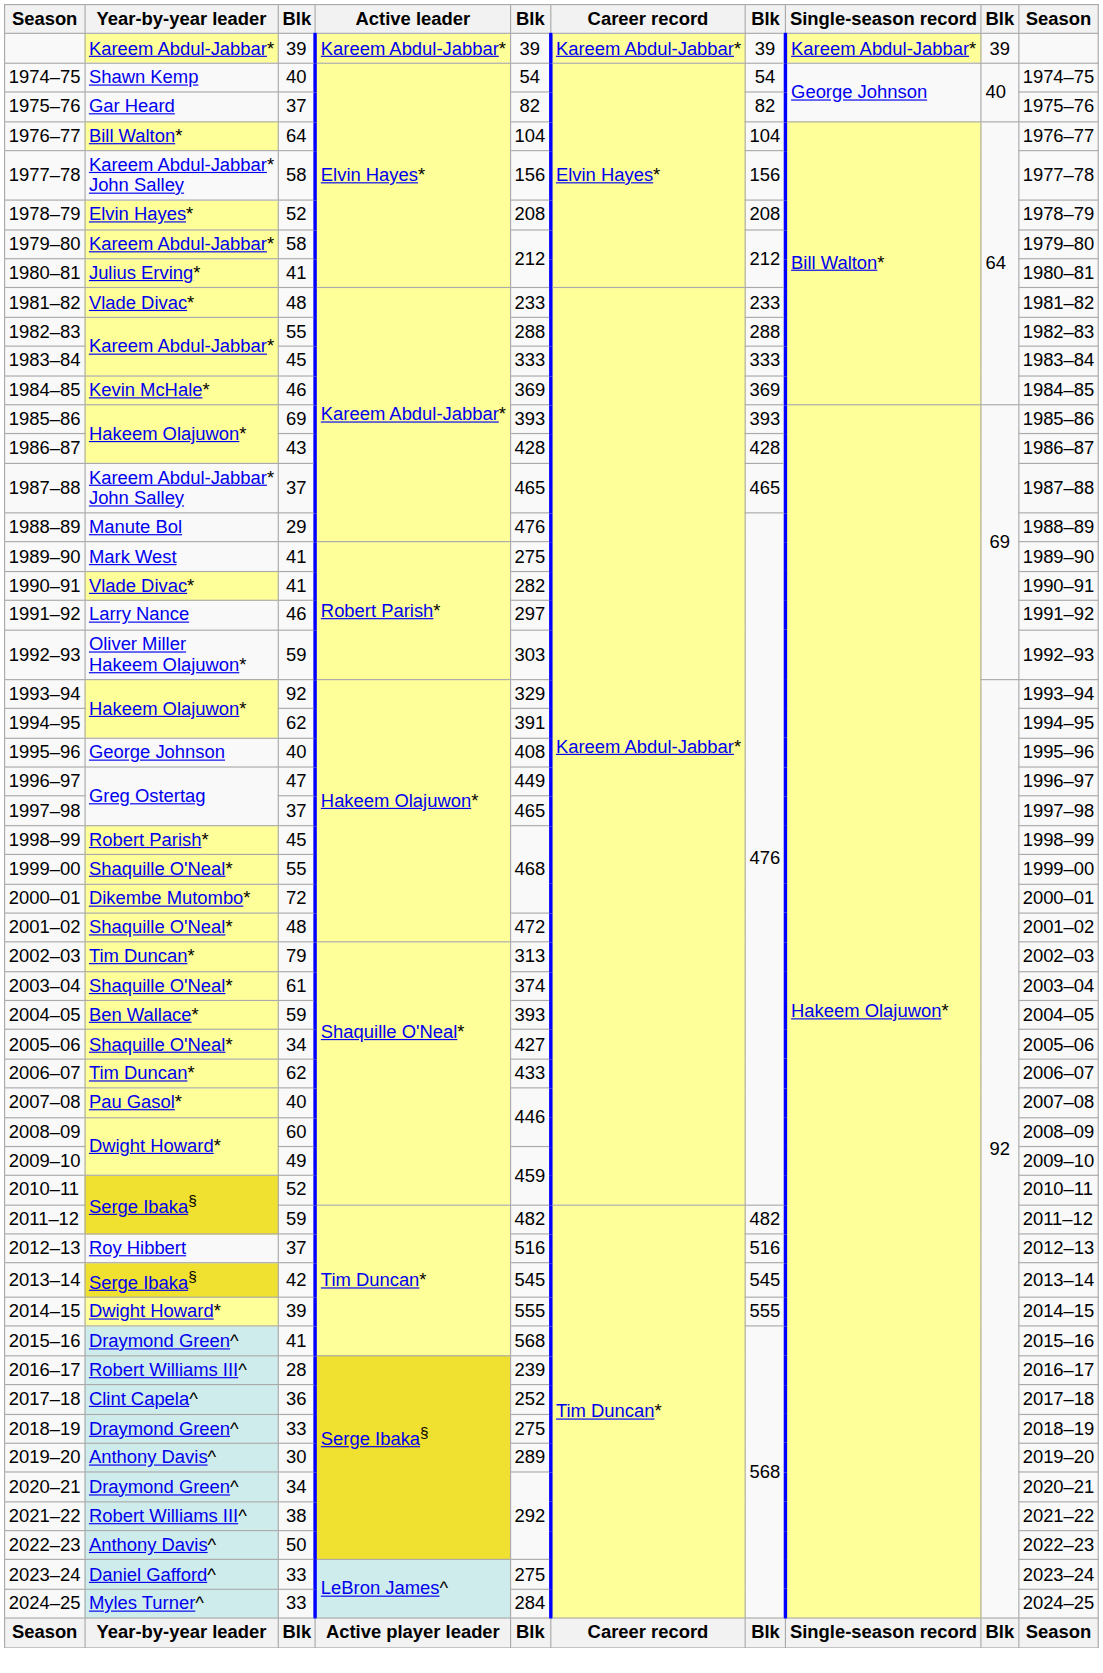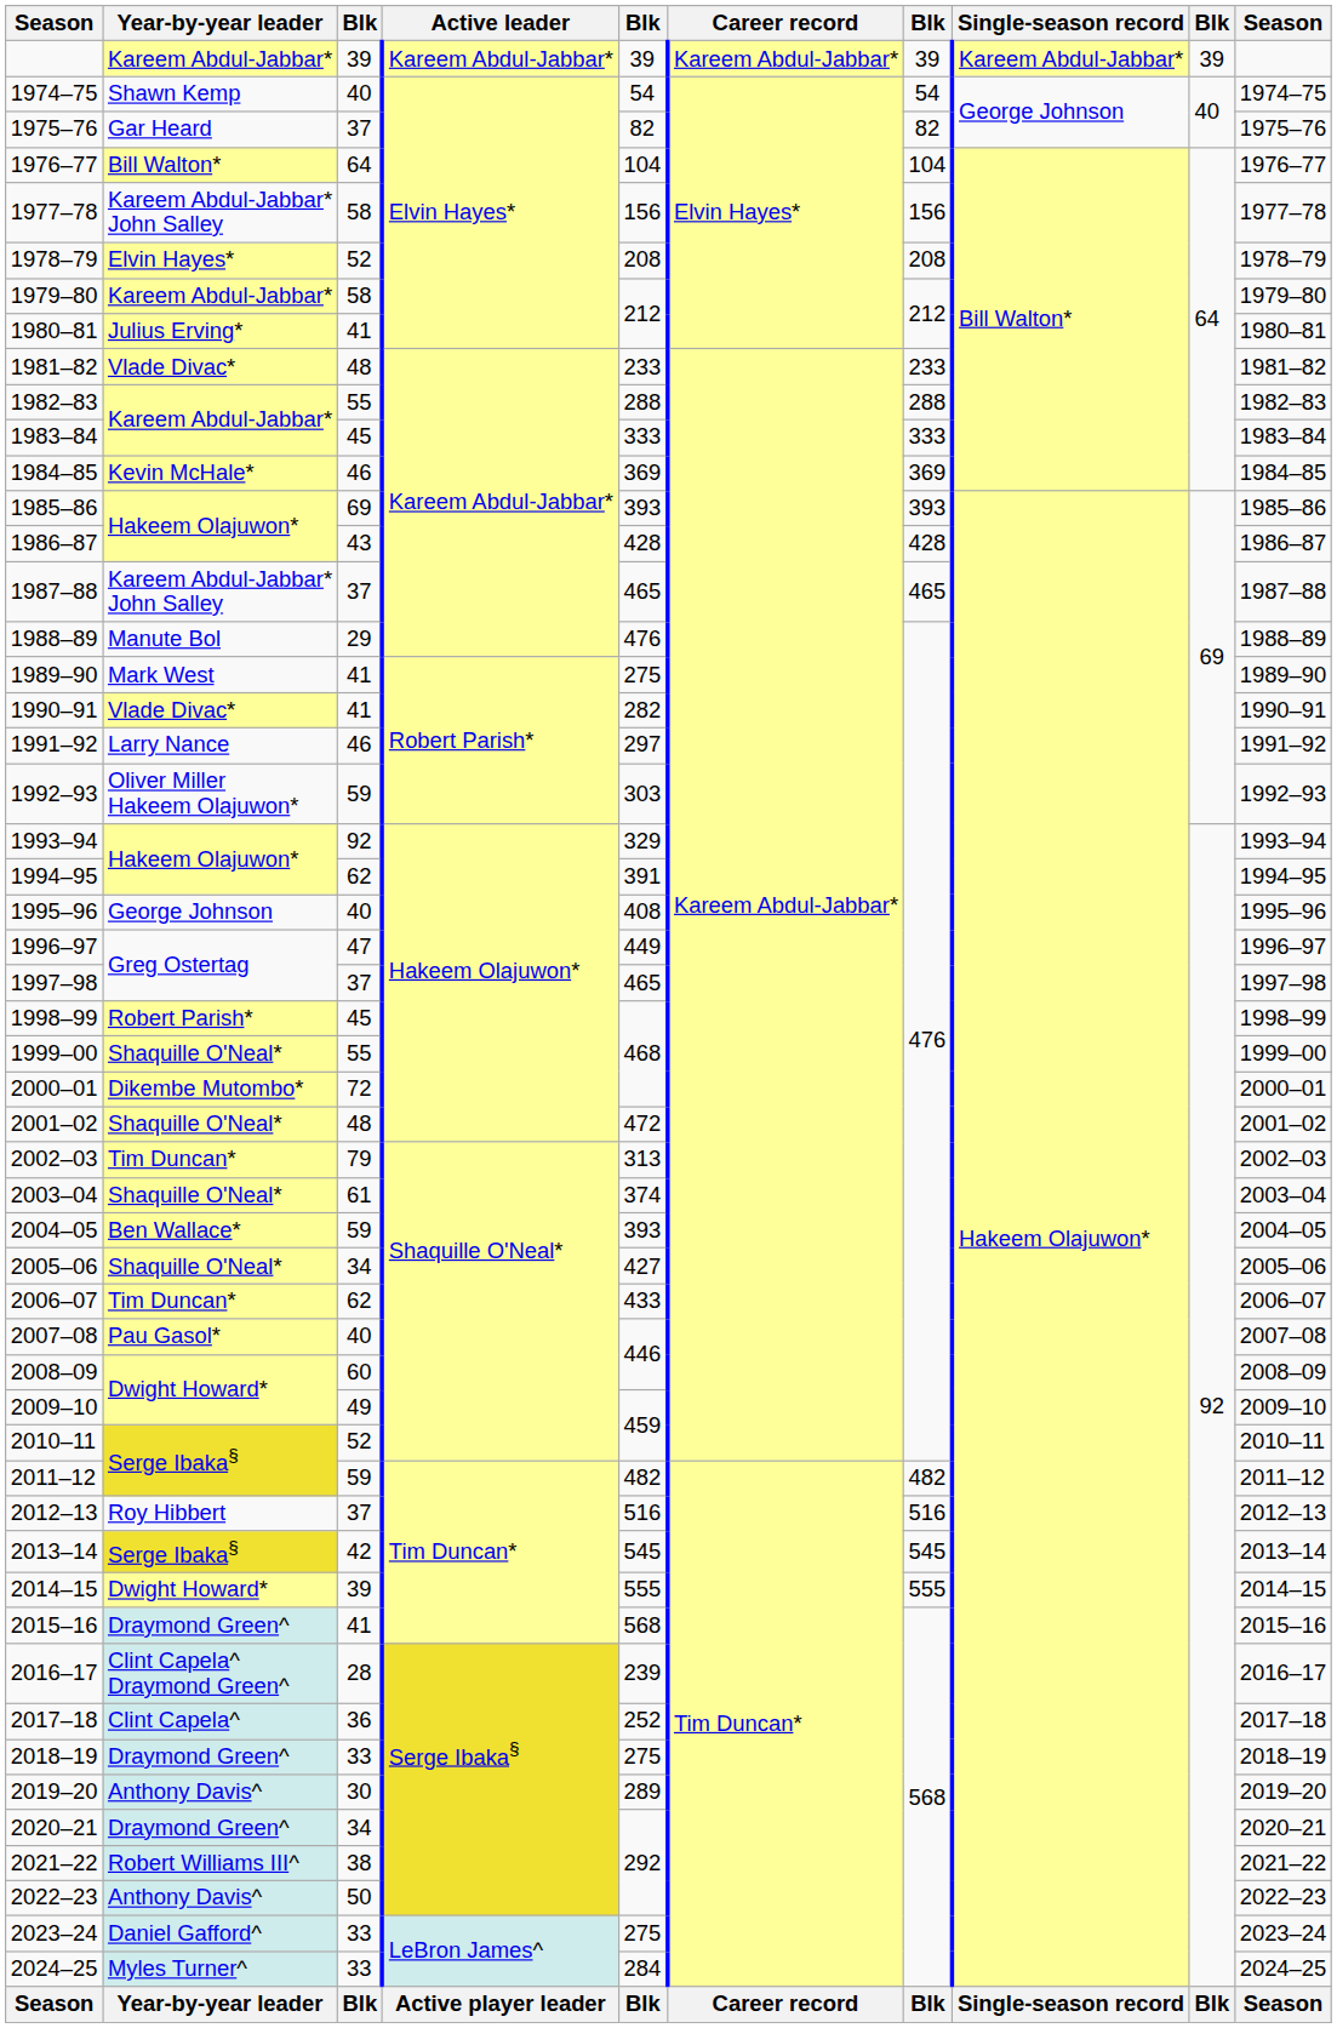 <table class="wikitable">
 <tr style="font-size:100%;">
 <th>Season</th>
 <th>Year-by-year leader</th>
 <th>Blk</th>
 <th>Active leader</th>
 <th>Blk</th>
 <th>Career record</th>
 <th>Blk</th>
 <th>Single-season record</th>
 <th>Blk</th>
 <th>Season</th>
 </tr>
 <tr>
 <td></td>
 <td bgcolor="#FFFF99"><a href='#'>Kareem Abdul-Jabbar</a>*</td>
 <td align=center style="border-right: solid blue">39</td>
 <td bgcolor="#FFFF99"><a href='#'>Kareem Abdul-Jabbar</a>*</td>
 <td align=center style="border-right: solid blue">39</td>
 <td bgcolor="#FFFF99"><a href='#'>Kareem Abdul-Jabbar</a>*</td>
 <td align=center style="border-right: solid blue">39</td>
 <td bgcolor="#FFFF99"><a href='#'>Kareem Abdul-Jabbar</a>*</td>
 <td align=center>39</td>
 <td></td>
 </tr>
 <tr>
 <td>1974–75</td>
 <td><a href='#'>Shawn Kemp</a></td>
 <td align=center style="border-right: solid blue">40</td>
 <td rowspan=7 bgcolor="#FFFF99"><a href='#'>Elvin Hayes</a>*</td>
 <td align=center style="border-right: solid blue">54</td>
 <td rowspan=7 bgcolor="#FFFF99"><a href='#'>Elvin Hayes</a>*</td>
 <td align=center style="border-right: solid blue">54</td>
 <td rowspan=2><a href='#'>George Johnson</a></td>
 <td rowspan=2>40</td>
 <td>1974–75</td>
 </tr>
 <tr>
 <td>1975–76</td>
 <td><a href='#'>Gar Heard</a></td>
 <td align=center style="border-right: solid blue">37</td>
 <td align=center style="border-right: solid blue">82</td>
 <td align=center style="border-right: solid blue">82</td>
 <td>1975–76</td>
 </tr>
 <tr>
 <td>1976–77</td>
 <td bgcolor="#FFFF99"><a href='#'>Bill Walton</a>*</td>
 <td align=center style="border-right: solid blue">64</td>
 <td align=center style="border-right: solid blue">104</td>
 <td align=center style="border-right: solid blue">104</td>
 <td rowspan=9 bgcolor="#FFFF99"><a href='#'>Bill Walton</a>*</td>
 <td rowspan=9>64</td>
 <td>1976–77</td>
 </tr>
 <tr>
 <td>1977–78</td>
 <td><div><a href='#'>Kareem Abdul-Jabbar</a>*</div><a href='#'>John Salley</a></td>
 <td align=center style="border-right: solid blue">58</td>
 <td align=center style="border-right: solid blue">156</td>
 <td align=center style="border-right: solid blue">156</td>
 <td>1977–78</td>
 </tr>
 <tr>
 <td>1978–79</td>
 <td bgcolor="#FFFF99"><a href='#'>Elvin Hayes</a>*</td>
 <td align=center style="border-right: solid blue">52</td>
 <td align=center style="border-right: solid blue">208</td>
 <td align=center style="border-right: solid blue">208</td>
 <td>1978–79</td>
 </tr>
 <tr>
 <td>1979–80</td>
 <td bgcolor="#FFFF99"><a href='#'>Kareem Abdul-Jabbar</a>*</td>
 <td align=center style="border-right: solid blue">58</td>
 <td align=center style="border-right: solid blue" rowspan=2>212</td>
 <td align=center style="border-right: solid blue" rowspan=2>212</td>
 <td>1979–80</td>
 </tr>
 <tr>
 <td>1980–81</td>
 <td bgcolor="#FFFF99"><a href='#'>Julius Erving</a>*</td>
 <td align=center style="border-right: solid blue">41</td>
 <td>1980–81</td>
 </tr>
 <tr>
 <td>1981–82</td>
 <td bgcolor="#FFFF99"><a href='#'>Vlade Divac</a>*</td>
 <td align=center style="border-right: solid blue">48</td>
 <td bgcolor="#FFFF99" rowspan=8><a href='#'>Kareem Abdul-Jabbar</a>*</td>
 <td align=center style="border-right: solid blue">233</td>
 <td bgcolor="#FFFF99" rowspan=30><a href='#'>Kareem Abdul-Jabbar</a>*</td>
 <td align=center style="border-right: solid blue">233</td>
 <td>1981–82</td>
 </tr>
 <tr>
 <td>1982–83</td>
 <td bgcolor="#FFFF99" rowspan=2><a href='#'>Kareem Abdul-Jabbar</a>*</td>
 <td align=center style="border-right: solid blue">55</td>
 <td align=center style="border-right: solid blue">288</td>
 <td align=center style="border-right: solid blue">288</td>
 <td>1982–83</td>
 </tr>
 <tr>
 <td>1983–84</td>
 <td align=center style="border-right: solid blue">45</td>
 <td align=center style="border-right: solid blue">333</td>
 <td align=center style="border-right: solid blue">333</td>
 <td>1983–84</td>
 </tr>
 <tr>
 <td>1984–85</td>
 <td bgcolor="#FFFF99"><a href='#'>Kevin McHale</a>*</td>
 <td align=center style="border-right: solid blue">46</td>
 <td align=center style="border-right: solid blue">369</td>
 <td align=center style="border-right: solid blue">369</td>
 <td>1984–85</td>
 </tr>
 <tr>
 <td>1985–86</td>
 <td bgcolor="#FFFF99" rowspan=2><a href='#'>Hakeem Olajuwon</a>*</td>
 <td align=center style="border-right: solid blue">69</td>
 <td align=center style="border-right: solid blue">393</td>
 <td align=center style="border-right: solid blue">393</td>
 <td bgcolor="#FFFF99" rowspan=40><a href='#'>Hakeem Olajuwon</a>*</td>
 <td rowspan=8 align=center>69</td>
 <td>1985–86</td>
 </tr>
 <tr>
 <td>1986–87</td>
 <td align=center style="border-right: solid blue">43</td>
 <td align=center style="border-right: solid blue">428</td>
 <td align=center style="border-right: solid blue">428</td>
 <td>1986–87</td>
 </tr>
 <tr>
 <td>1987–88</td>
 <td><div><a href='#'>Kareem Abdul-Jabbar</a>*</div><a href='#'>John Salley</a></td>
 <td align=center style="border-right: solid blue">37</td>
 <td align=center style="border-right: solid blue">465</td>
 <td align=center style="border-right: solid blue">465</td>
 <td>1987–88</td>
 </tr>
 <tr>
 <td>1988–89</td>
 <td><a href='#'>Manute Bol</a></td>
 <td align=center style="border-right: solid blue">29</td>
 <td align=center style="border-right: solid blue">476</td>
 <td align=center style="border-right: solid blue" rowspan=23>476</td>
 <td>1988–89</td>
 </tr>
 <tr>
 <td>1989–90</td>
 <td><a href='#'>Mark West</a></td>
 <td align=center style="border-right: solid blue">41</td>
 <td bgcolor="#FFFF99" rowspan=4><a href='#'>Robert Parish</a>*</td>
 <td align=center style="border-right: solid blue">275</td>
 <td>1989–90</td>
 </tr>
 <tr>
 <td>1990–91</td>
 <td bgcolor="#FFFF99"><a href='#'>Vlade Divac</a>*</td>
 <td align=center style="border-right: solid blue">41</td>
 <td align=center style="border-right: solid blue">282</td>
 <td>1990–91</td>
 </tr>
 <tr>
 <td>1991–92</td>
 <td><a href='#'>Larry Nance</a></td>
 <td align=center style="border-right: solid blue">46</td>
 <td align=center style="border-right: solid blue">297</td>
 <td>1991–92</td>
 </tr>
 <tr>
 <td>1992–93</td>
 <td><a href='#'>Oliver Miller</a><div><a href='#'>Hakeem Olajuwon</a>*</div></td>
 <td align=center style="border-right: solid blue">59</td>
 <td align=center style="border-right: solid blue">303</td>
 <td>1992–93</td>
 </tr>
 <tr>
 <td>1993–94</td>
 <td bgcolor="#FFFF99" rowspan=2><a href='#'>Hakeem Olajuwon</a>*</td>
 <td align=center style="border-right: solid blue">92</td>
 <td bgcolor="#FFFF99" rowspan=9><a href='#'>Hakeem Olajuwon</a>*<br><br></td>
 <td align=center style="border-right: solid blue">329</td>
 <td align=center rowspan=32>92</td>
 <td>1993–94</td>
 </tr>
 <tr>
 <td>1994–95</td>
 <td align=center style="border-right: solid blue">62</td>
 <td align=center style="border-right: solid blue">391</td>
 <td>1994–95</td>
 </tr>
 <tr>
 <td>1995–96</td>
 <td><a href='#'>George Johnson</a></td>
 <td align=center style="border-right: solid blue">40</td>
 <td align=center style="border-right: solid blue">408</td>
 <td>1995–96</td>
 </tr>
 <tr>
 <td>1996–97</td>
 <td rowspan=2><a href='#'>Greg Ostertag</a></td>
 <td align=center style="border-right: solid blue">47</td>
 <td align=center style="border-right: solid blue">449</td>
 <td>1996–97</td>
 </tr>
 <tr>
 <td>1997–98</td>
 <td align=center style="border-right: solid blue">37</td>
 <td align=center style="border-right: solid blue">465</td>
 <td>1997–98</td>
 </tr>
 <tr>
 <td>1998–99</td>
 <td bgcolor="#FFFF99"><a href='#'>Robert Parish</a>*</td>
 <td align=center style="border-right: solid blue">45</td>
 <td align=center style="border-right: solid blue" rowspan=3>468</td>
 <td>1998–99</td>
 </tr>
 <tr>
 <td>1999–00</td>
 <td bgcolor="#FFFF99"><a href='#'>Shaquille O'Neal</a>*</td>
 <td align=center style="border-right: solid blue">55</td>
 <td>1999–00</td>
 </tr>
 <tr>
 <td>2000–01</td>
 <td bgcolor="#FFFF99"><a href='#'>Dikembe Mutombo</a>*</td>
 <td align=center style="border-right: solid blue">72</td>
 <td>2000–01</td>
 </tr>
 <tr>
 <td>2001–02</td>
 <td bgcolor="#FFFF99"><a href='#'>Shaquille O'Neal</a>*</td>
 <td align=center style="border-right: solid blue">48</td>
 <td align=center style="border-right: solid blue">472</td>
 <td>2001–02</td>
 </tr>
 <tr>
 <td>2002–03</td>
 <td bgcolor="#FFFF99"><a href='#'>Tim Duncan</a>*</td>
 <td align=center style="border-right: solid blue">79</td>
 <td bgcolor="#FFFF99" rowspan=9><a href='#'>Shaquille O'Neal</a>*<br><br><br><br><br></td>
 <td align=center style="border-right: solid blue">313</td>
 <td>2002–03</td>
 </tr>
 <tr>
 <td>2003–04</td>
 <td bgcolor="#FFFF99"><a href='#'>Shaquille O'Neal</a>*</td>
 <td align=center style="border-right: solid blue">61</td>
 <td align=center style="border-right: solid blue">374</td>
 <td>2003–04</td>
 </tr>
 <tr>
 <td>2004–05</td>
 <td bgcolor="#FFFF99"><a href='#'>Ben Wallace</a>*</td>
 <td align=center style="border-right: solid blue">59</td>
 <td align=center style="border-right: solid blue">393</td>
 <td>2004–05</td>
 </tr>
 <tr>
 <td>2005–06</td>
 <td bgcolor="#FFFF99"><a href='#'>Shaquille O'Neal</a>*</td>
 <td align=center style="border-right: solid blue">34</td>
 <td align=center style="border-right: solid blue">427</td>
 <td>2005–06</td>
 </tr>
 <tr>
 <td>2006–07</td>
 <td bgcolor="#FFFF99"><a href='#'>Tim Duncan</a>*</td>
 <td align=center style="border-right: solid blue">62</td>
 <td align=center style="border-right: solid blue">433</td>
 <td>2006–07</td>
 </tr>
 <tr>
 <td>2007–08</td>
 <td bgcolor="#FFFF99"><a href='#'>Pau Gasol</a>*</td>
 <td align=center style="border-right: solid blue">40</td>
 <td align=center style="border-right: solid blue" rowspan=2>446</td>
 <td>2007–08</td>
 </tr>
 <tr>
 <td>2008–09</td>
 <td bgcolor="#FFFF99" rowspan=2><a href='#'>Dwight Howard</a>*</td>
 <td align=center style="border-right: solid blue">60</td>
 <td>2008–09</td>
 </tr>
 <tr>
 <td>2009–10</td>
 <td align=center style="border-right: solid blue">49</td>
 <td align=center style="border-right: solid blue" rowspan=2>459</td>
 <td>2009–10</td>
 </tr>
 <tr>
 <td>2010–11</td>
 <td bgcolor="#F0E130" rowspan=2><a href='#'>Serge Ibaka</a><sup>§</sup></td>
 <td align=center style="border-right: solid blue">52</td>
 <td>2010–11</td>
 </tr>
 <tr>
 <td>2011–12</td>
 <td align=center style="border-right: solid blue">59</td>
 <td bgcolor="#FFFF99" rowspan=5><a href='#'>Tim Duncan</a>*</td>
 <td align=center style="border-right: solid blue">482</td>
 <td bgcolor="#FFFF99" rowspan=14><a href='#'>Tim Duncan</a>*</td>
 <td align=center style="border-right: solid blue">482</td>
 <td>2011–12</td>
 </tr>
 <tr>
 <td>2012–13</td>
 <td><a href='#'>Roy Hibbert</a></td>
 <td align=center style="border-right: solid blue">37</td>
 <td align=center style="border-right: solid blue">516</td>
 <td align=center style="border-right: solid blue">516</td>
 <td>2012–13</td>
 </tr>
 <tr>
 <td>2013–14</td>
 <td bgcolor="#F0E130"><a href='#'>Serge Ibaka</a><sup>§</sup></td>
 <td align=center style="border-right: solid blue">42</td>
 <td align=center style="border-right: solid blue">545</td>
 <td align=center style="border-right: solid blue">545</td>
 <td>2013–14</td>
 </tr>
 <tr>
 <td>2014–15</td>
 <td bgcolor="#FFFF99"><a href='#'>Dwight Howard</a>*</td>
 <td align=center style="border-right: solid blue">39</td>
 <td align=center style="border-right: solid blue">555</td>
 <td align=center style="border-right: solid blue">555</td>
 <td>2014–15</td>
 </tr>
 <tr>
 <td>2015–16</td>
 <td bgcolor="#CFECEC"><a href='#'>Draymond Green</a>^</td>
 <td align=center style="border-right: solid blue">41</td>
 <td align=center style="border-right: solid blue">568</td>
 <td align=center style="border-right: solid blue" rowspan=10>568</td>
 <td>2015–16</td>
 </tr>
 <tr>
 <td>2016–17</td>
-<td bgcolor="#CFECEC"><a href='#'>Robert Williams III</a>^</td>
+<td bgcolor="#CFECEC"><a href='#'>Clint Capela</a>^<br><a href='#'>Draymond Green</a>^</td>
 <td align=center style="border-right: solid blue">28</td>
 <td bgcolor="#F0E130" rowspan=7><a href='#'>Serge Ibaka</a><sup>§</sup><br><br><br></td>
 <td align=center style="border-right: solid blue">239</td>
 <td>2016–17</td>
 </tr>
 <tr>
 <td>2017–18</td>
 <td bgcolor="#CFECEC"><a href='#'>Clint Capela</a>^</td>
 <td align=center style="border-right: solid blue">36</td>
 <td align=center style="border-right: solid blue">252</td>
 <td>2017–18</td>
 </tr>
 <tr>
 <td>2018–19</td>
 <td bgcolor="#CFECEC"><a href='#'>Draymond Green</a>^</td>
 <td align=center style="border-right: solid blue">33</td>
 <td align=center style="border-right: solid blue">275</td>
 <td>2018–19</td>
 </tr>
 <tr>
 <td>2019–20</td>
 <td bgcolor="#CFECEC"><a href='#'>Anthony Davis</a>^</td>
 <td align=center style="border-right: solid blue">30</td>
 <td align=center style="border-right: solid blue">289</td>
 <td>2019–20</td>
 </tr>
 <tr>
 <td>2020–21</td>
 <td bgcolor="#CFECEC"><a href='#'>Draymond Green</a>^</td>
 <td align=center style="border-right: solid blue">34</td>
 <td align=center style="border-right: solid blue" rowspan=3>292</td>
 <td>2020–21</td>
 </tr>
 <tr>
 <td>2021–22</td>
 <td bgcolor="#CFECEC"><a href='#'>Robert Williams III</a>^</td>
 <td align=center style="border-right: solid blue">38</td>
 <td>2021–22</td>
 </tr>
 <tr>
 <td>2022–23</td>
 <td bgcolor="#CFECEC"><a href='#'>Anthony Davis</a>^</td>
 <td align=center style="border-right: solid blue">50</td>
 <td>2022–23</td>
 </tr>
 <tr>
 <td>2023–24</td>
 <td bgcolor="#CFECEC"><a href='#'>Daniel Gafford</a>^</td>
 <td align=center style="border-right: solid blue">33</td>
 <td bgcolor="#CFECEC" rowspan=2><a href='#'>LeBron James</a>^</td>
 <td align=center style="border-right: solid blue">275</td>
 <td>2023–24</td>
 </tr>
 <tr>
 <td>2024–25</td>
 <td bgcolor="#CFECEC"><a href='#'>Myles Turner</a>^</td>
 <td align=center style="border-right: solid blue">33</td>
 <td align=center style="border-right: solid blue">284</td>
 <td>2024–25</td>
 </tr>
 <tr>
 <th>Season</th>
 <th>Year-by-year leader</th>
 <th>Blk</th>
 <th>Active player leader</th>
 <th>Blk</th>
 <th>Career record</th>
 <th>Blk</th>
 <th>Single-season record</th>
 <th>Blk</th>
 <th>Season</th>
 </tr>
 </table>
